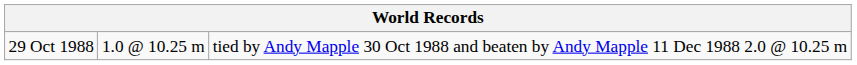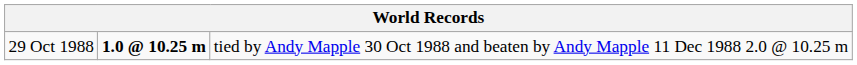 <table class="wikitable">
 <tr>
 <th colspan="3">World Records</th>
 </tr>
 <tr>
 <td>29 Oct 1988</td>
-<td>1.0 @ 10.25 m</td>
+<td><strong>1.0 @ 10.25 m</strong></td>
 <td>tied by <a href='#'>Andy Mapple</a> 30 Oct 1988 and beaten by <a href='#'>Andy Mapple</a> 11 Dec 1988 2.0 @ 10.25 m</td>
 </tr>
 </table>
